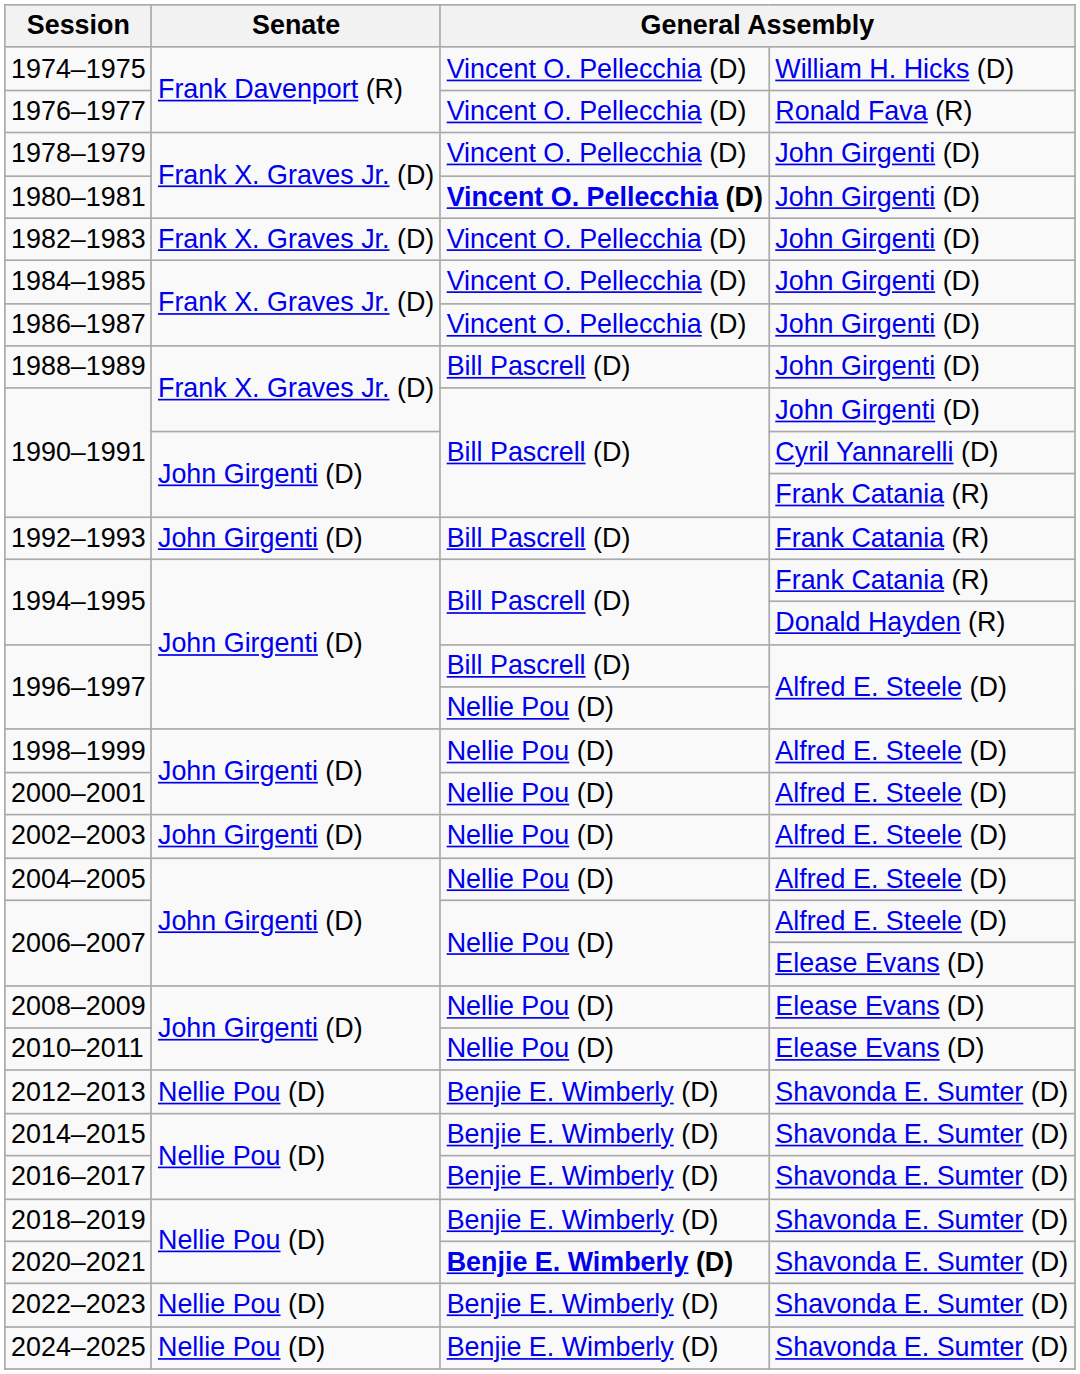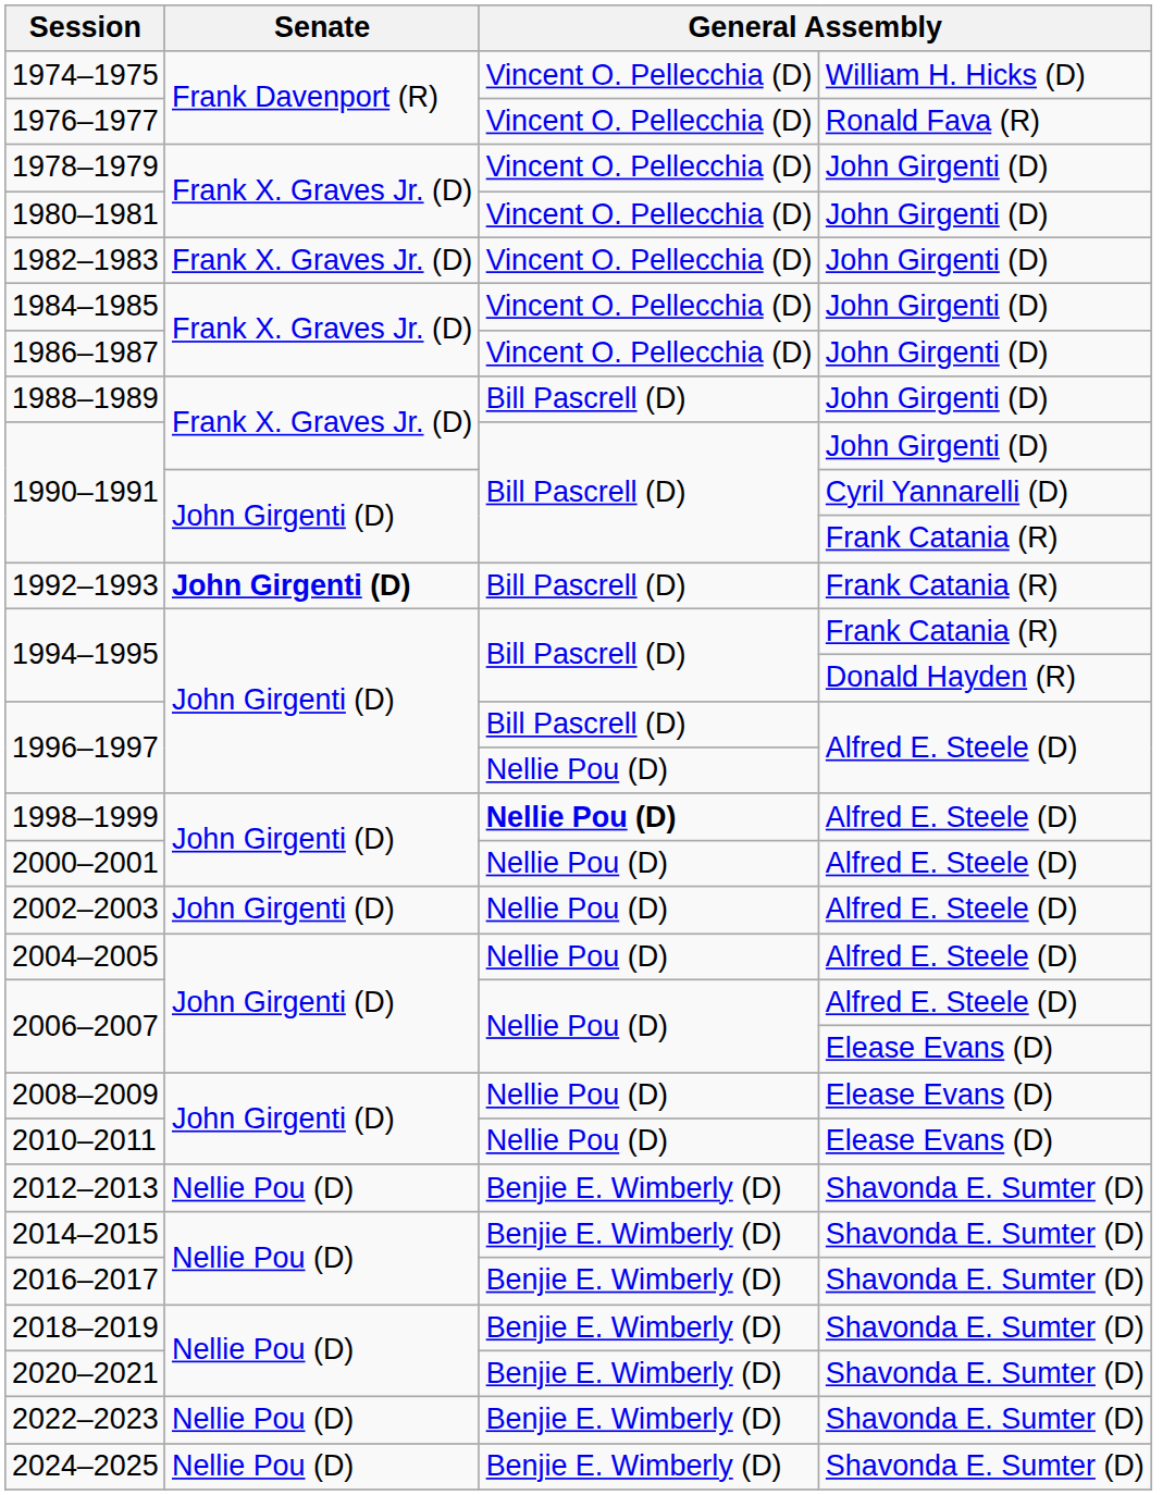 <table class="wikitable">
 <tr>
 <th>Session</th>
 <th>Senate</th>
 <th colspan=2>General Assembly</th>
 </tr>
 <tr>
 <td>1974–1975</td>
 <td rowspan=2 ><a href='#'>Frank Davenport</a> (R)</td>
 <td><a href='#'>Vincent O. Pellecchia</a> (D)</td>
 <td><a href='#'>William H. Hicks</a> (D)</td>
 </tr>
 <tr>
 <td>1976–1977</td>
 <td><a href='#'>Vincent O. Pellecchia</a> (D)</td>
 <td><a href='#'>Ronald Fava</a> (R)</td>
 </tr>
 <tr>
 <td>1978–1979</td>
 <td rowspan=2 ><a href='#'>Frank X. Graves Jr.</a> (D)</td>
 <td><a href='#'>Vincent O. Pellecchia</a> (D)</td>
 <td><a href='#'>John Girgenti</a> (D)</td>
 </tr>
 <tr>
 <td>1980–1981</td>
-<td><strong><a href='#'>Vincent O. Pellecchia</a> (D)</strong></td>
+<td><a href='#'>Vincent O. Pellecchia</a> (D)</td>
 <td><a href='#'>John Girgenti</a> (D)</td>
 </tr>
 <tr>
 <td>1982–1983</td>
 <td><a href='#'>Frank X. Graves Jr.</a> (D)</td>
 <td><a href='#'>Vincent O. Pellecchia</a> (D)</td>
 <td><a href='#'>John Girgenti</a> (D)</td>
 </tr>
 <tr>
 <td>1984–1985</td>
 <td rowspan=2 ><a href='#'>Frank X. Graves Jr.</a> (D)</td>
 <td><a href='#'>Vincent O. Pellecchia</a> (D)</td>
 <td><a href='#'>John Girgenti</a> (D)</td>
 </tr>
 <tr>
 <td>1986–1987</td>
 <td><a href='#'>Vincent O. Pellecchia</a> (D)</td>
 <td><a href='#'>John Girgenti</a> (D)</td>
 </tr>
 <tr>
 <td>1988–1989</td>
 <td rowspan=2 ><a href='#'>Frank X. Graves Jr.</a> (D)</td>
 <td><a href='#'>Bill Pascrell</a> (D)</td>
 <td><a href='#'>John Girgenti</a> (D)</td>
 </tr>
 <tr>
 <td rowspan=3>1990–1991</td>
 <td rowspan=3 ><a href='#'>Bill Pascrell</a> (D)</td>
 <td><a href='#'>John Girgenti</a> (D)</td>
 </tr>
 <tr>
 <td rowspan=2 ><a href='#'>John Girgenti</a> (D)</td>
 <td><a href='#'>Cyril Yannarelli</a> (D)</td>
 </tr>
 <tr>
 <td><a href='#'>Frank Catania</a> (R)</td>
 </tr>
 <tr>
 <td>1992–1993</td>
-<td><a href='#'>John Girgenti</a> (D)</td>
+<td><strong><a href='#'>John Girgenti</a> (D)</strong></td>
 <td><a href='#'>Bill Pascrell</a> (D)</td>
 <td><a href='#'>Frank Catania</a> (R)</td>
 </tr>
 <tr>
 <td rowspan=2>1994–1995</td>
 <td rowspan=4 ><a href='#'>John Girgenti</a> (D)</td>
 <td rowspan=2 ><a href='#'>Bill Pascrell</a> (D)</td>
 <td><a href='#'>Frank Catania</a> (R)</td>
 </tr>
 <tr>
 <td><a href='#'>Donald Hayden</a> (R)</td>
 </tr>
 <tr>
 <td rowspan=2>1996–1997</td>
 <td><a href='#'>Bill Pascrell</a> (D)</td>
 <td rowspan=2 ><a href='#'>Alfred E. Steele</a> (D)</td>
 </tr>
 <tr>
 <td><a href='#'>Nellie Pou</a> (D)</td>
 </tr>
 <tr>
 <td>1998–1999</td>
 <td rowspan=2 ><a href='#'>John Girgenti</a> (D)</td>
-<td><a href='#'>Nellie Pou</a> (D)</td>
+<td><strong><a href='#'>Nellie Pou</a> (D)</strong></td>
 <td><a href='#'>Alfred E. Steele</a> (D)</td>
 </tr>
 <tr>
 <td>2000–2001</td>
 <td><a href='#'>Nellie Pou</a> (D)</td>
 <td><a href='#'>Alfred E. Steele</a> (D)</td>
 </tr>
 <tr>
 <td>2002–2003</td>
 <td><a href='#'>John Girgenti</a> (D)</td>
 <td><a href='#'>Nellie Pou</a> (D)</td>
 <td><a href='#'>Alfred E. Steele</a> (D)</td>
 </tr>
 <tr>
 <td>2004–2005</td>
 <td rowspan=3 ><a href='#'>John Girgenti</a> (D)</td>
 <td><a href='#'>Nellie Pou</a> (D)</td>
 <td><a href='#'>Alfred E. Steele</a> (D)</td>
 </tr>
 <tr>
 <td rowspan=2>2006–2007</td>
 <td rowspan=2 ><a href='#'>Nellie Pou</a> (D)</td>
 <td><a href='#'>Alfred E. Steele</a> (D)</td>
 </tr>
 <tr>
 <td><a href='#'>Elease Evans</a> (D)</td>
 </tr>
 <tr>
 <td>2008–2009</td>
 <td rowspan=2 ><a href='#'>John Girgenti</a> (D)</td>
 <td><a href='#'>Nellie Pou</a> (D)</td>
 <td><a href='#'>Elease Evans</a> (D)</td>
 </tr>
 <tr>
 <td>2010–2011</td>
 <td><a href='#'>Nellie Pou</a> (D)</td>
 <td><a href='#'>Elease Evans</a> (D)</td>
 </tr>
 <tr>
 <td>2012–2013</td>
 <td><a href='#'>Nellie Pou</a> (D)</td>
 <td><a href='#'>Benjie E. Wimberly</a> (D)</td>
 <td><a href='#'>Shavonda E. Sumter</a> (D)</td>
 </tr>
 <tr>
 <td>2014–2015</td>
 <td rowspan=2 ><a href='#'>Nellie Pou</a> (D)</td>
 <td><a href='#'>Benjie E. Wimberly</a> (D)</td>
 <td><a href='#'>Shavonda E. Sumter</a> (D)</td>
 </tr>
 <tr>
 <td>2016–2017</td>
 <td><a href='#'>Benjie E. Wimberly</a> (D)</td>
 <td><a href='#'>Shavonda E. Sumter</a> (D)</td>
 </tr>
 <tr>
 <td>2018–2019</td>
 <td rowspan=2 ><a href='#'>Nellie Pou</a> (D)</td>
 <td><a href='#'>Benjie E. Wimberly</a> (D)</td>
 <td><a href='#'>Shavonda E. Sumter</a> (D)</td>
 </tr>
 <tr>
 <td>2020–2021</td>
-<td><strong><a href='#'>Benjie E. Wimberly</a> (D)</strong></td>
+<td><a href='#'>Benjie E. Wimberly</a> (D)</td>
 <td><a href='#'>Shavonda E. Sumter</a> (D)</td>
 </tr>
 <tr>
 <td>2022–2023</td>
 <td><a href='#'>Nellie Pou</a> (D)</td>
 <td><a href='#'>Benjie E. Wimberly</a> (D)</td>
 <td><a href='#'>Shavonda E. Sumter</a> (D)</td>
 </tr>
 <tr>
 <td>2024–2025</td>
 <td><a href='#'>Nellie Pou</a> (D)</td>
 <td><a href='#'>Benjie E. Wimberly</a> (D)</td>
 <td><a href='#'>Shavonda E. Sumter</a> (D)</td>
 </tr>
 </table>
